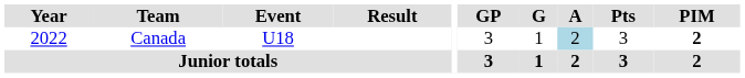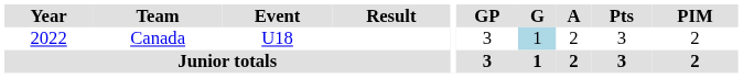 <table border="0" cellpadding="1" cellspacing="0" ID="Table3" style="text-align:center; width:40em;">
 <tr bgcolor="#e0e0e0">
 <th>Year</th>
 <th>Team</th>
 <th>Event</th>
 <th>Result</th>
 <th rowspan="104" bgcolor="#ffffff"></th>
 <th>GP</th>
 <th>G</th>
 <th>A</th>
 <th>Pts</th>
 <th>PIM</th>
 </tr>
 <tr>
 <td><a href='#'>2022</a></td>
 <td><a href='#'>Canada</a></td>
 <td><a href='#'>U18</a></td>
 <td></td>
 <td>3</td>
-<td>1</td>
-<td style="background: lightblue;">2</td>
+<td style="background: lightblue;">1</td>
+<td>2</td>
 <td>3</td>
-<td><strong>2</strong></td>
+<td>2</td>
 </tr>
 <tr bgcolor="#e0e0e0">
 <th colspan=4>Junior totals</th>
 <th>3</th>
 <th>1</th>
 <th>2</th>
 <th>3</th>
 <th>2</th>
 </tr>
 </table>
